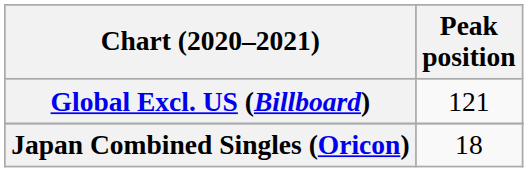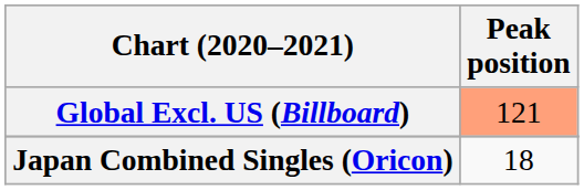 <table class="wikitable sortable plainrowheaders" style="text-align:center">
 <tr>
 <th scope="col">Chart (2020–2021)</th>
 <th scope="col">Peak<br>position</th>
 </tr>
 <tr>
 <th scope="row"><a href='#'>Global Excl. US</a> (<em><a href='#'>Billboard</a></em>)</th>
-<td>121</td>
+<td style="background: lightsalmon;">121</td>
 </tr>
 <tr>
 </tr>
 <tr>
 <th scope="row">Japan Combined Singles (<a href='#'>Oricon</a>)</th>
 <td>18</td>
 </tr>
 </table>
